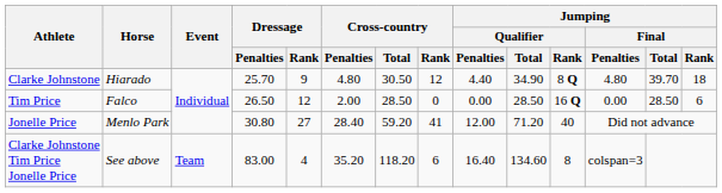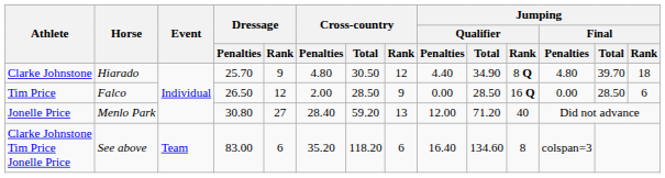 <table class=wikitable style=font-size:90%;text-align:center>
 <tr>
 <th rowspan=3>Athlete</th>
 <th rowspan=3>Horse</th>
 <th rowspan=3>Event</th>
 <th colspan=2 rowspan=2>Dressage</th>
 <th colspan=3 rowspan=2>Cross-country</th>
 <th colspan=6>Jumping</th>
 </tr>
 <tr style=font-size:95%>
 <th colspan=3>Qualifier</th>
 <th colspan=3>Final</th>
 </tr>
 <tr style=font-size:95%>
 <th>Penalties</th>
 <th>Rank</th>
 <th>Penalties</th>
 <th>Total</th>
 <th>Rank</th>
 <th>Penalties</th>
 <th>Total</th>
 <th>Rank</th>
 <th>Penalties</th>
 <th>Total</th>
 <th>Rank</th>
 </tr>
 <tr>
 <td align=left><a href='#'>Clarke Johnstone</a></td>
 <td align=left><em>Hiarado</em></td>
 <td rowspan=3 align=left><a href='#'>Individual</a></td>
 <td>25.70</td>
 <td>9</td>
 <td>4.80</td>
 <td>30.50</td>
 <td>12</td>
 <td>4.40</td>
 <td>34.90</td>
 <td>8 <strong>Q</strong></td>
 <td>4.80</td>
 <td>39.70</td>
 <td>18</td>
 </tr>
 <tr>
 <td align=left><a href='#'>Tim Price</a></td>
 <td align=left><em>Falco</em></td>
 <td>26.50</td>
 <td>12</td>
 <td>2.00</td>
 <td>28.50</td>
-<td>0</td>
+<td>9</td>
 <td>0.00</td>
 <td>28.50</td>
 <td>16 <strong>Q</strong></td>
 <td>0.00</td>
 <td>28.50</td>
 <td>6</td>
 </tr>
 <tr>
 <td align=left><a href='#'>Jonelle Price</a></td>
 <td align=left><em>Menlo Park</em></td>
 <td>30.80</td>
 <td>27</td>
 <td>28.40</td>
 <td>59.20</td>
-<td>41</td>
+<td>13</td>
 <td>12.00</td>
 <td>71.20</td>
 <td>40</td>
 <td colspan=3>Did not advance</td>
 </tr>
 <tr>
 <td align=left><a href='#'>Clarke Johnstone</a><br><a href='#'>Tim Price</a><br><a href='#'>Jonelle Price</a></td>
 <td align=left><em>See above</em></td>
 <td align=left><a href='#'>Team</a></td>
 <td>83.00</td>
-<td>4</td>
+<td>6</td>
 <td>35.20</td>
 <td>118.20</td>
 <td>6</td>
 <td>16.40</td>
 <td>134.60</td>
 <td>8</td>
 <td>colspan=3 </td>
 </tr>
 </table>
